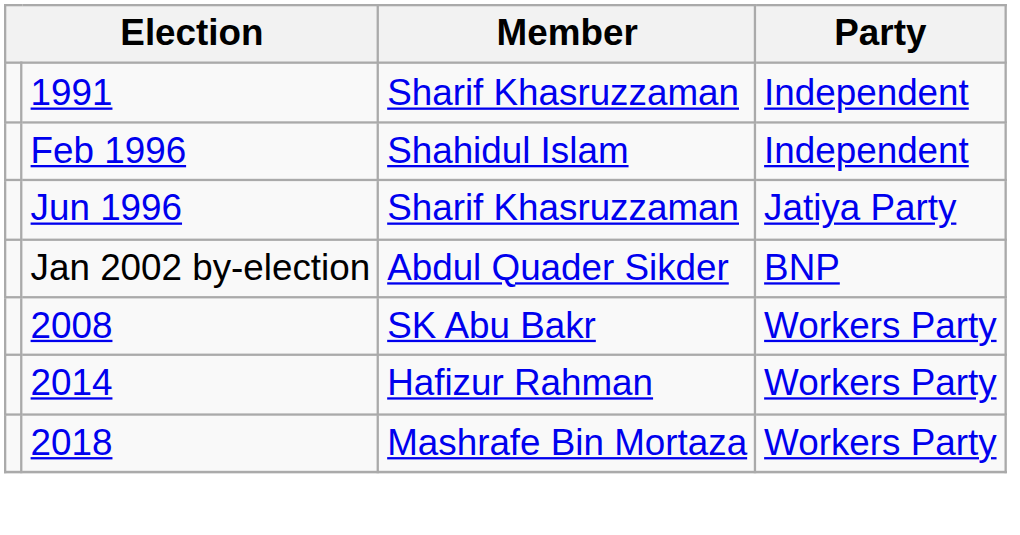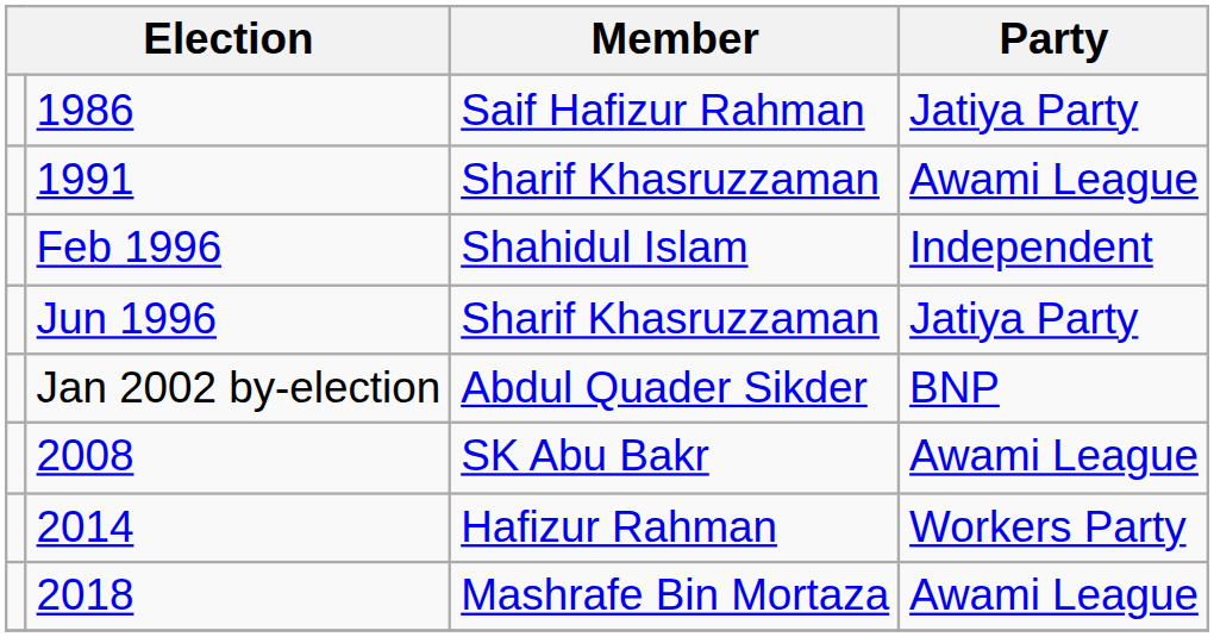 <table class="wikitable">
 <tr>
 <th colspan="2">Election</th>
 <th>Member</th>
 <th>Party</th>
 </tr>
 <tr>
 <td style="background-color:"></td>
+<td><a href='#'>1986</a></td>
+<td><a href='#'>Saif Hafizur Rahman</a></td>
+<td><a href='#'>Jatiya Party</a></td>
+</tr>
+<tr>
+<td style="background-color:"></td>
 <td><a href='#'>1991</a></td>
 <td><a href='#'>Sharif Khasruzzaman</a></td>
-<td><a href='#'>Independent</a></td>
+<td><a href='#'>Awami League</a></td>
 </tr>
 <tr>
 <td style="background-color:"></td>
 <td><a href='#'>Feb 1996</a></td>
 <td><a href='#'>Shahidul Islam</a></td>
 <td><a href='#'>Independent</a></td>
 </tr>
 <tr>
 <td style="background-color:"></td>
 <td><a href='#'>Jun 1996</a></td>
 <td><a href='#'>Sharif Khasruzzaman</a></td>
 <td><a href='#'>Jatiya Party</a></td>
 </tr>
 <tr>
 <td style="background-color:"></td>
 <td>Jan 2002 by-election</td>
 <td><a href='#'>Abdul Quader Sikder</a></td>
 <td><a href='#'>BNP</a></td>
 </tr>
 <tr>
 <td style="background-color:"></td>
 <td><a href='#'>2008</a></td>
 <td><a href='#'>SK Abu Bakr</a></td>
-<td><a href='#'>Workers Party</a></td>
+<td><a href='#'>Awami League</a></td>
 </tr>
 <tr>
 <td style="background-color:"></td>
 <td><a href='#'>2014</a></td>
 <td><a href='#'>Hafizur Rahman</a></td>
 <td><a href='#'>Workers Party</a></td>
 </tr>
 <tr>
 <td style="background-color:"></td>
 <td><a href='#'>2018</a></td>
 <td><a href='#'>Mashrafe Bin Mortaza</a></td>
-<td><a href='#'>Workers Party</a></td>
+<td><a href='#'>Awami League</a></td>
 </tr>
 <tr>
 </tr>
 </table>
